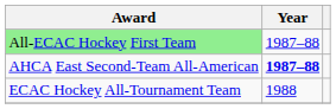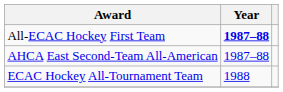 <table class="wikitable">
 <tr>
 <th>Award</th>
 <th>Year</th>
 <th></th>
 </tr>
 <tr>
-<td style="background: lightgreen;">All-<a href='#'>ECAC Hockey</a> <a href='#'>First Team</a></td>
-<td><a href='#'>1987–88</a></td>
+<td>All-<a href='#'>ECAC Hockey</a> <a href='#'>First Team</a></td>
+<td><strong><a href='#'>1987–88</a></strong></td>
 <td></td>
 </tr>
 <tr>
 <td><a href='#'>AHCA</a> <a href='#'>East Second-Team All-American</a></td>
-<td><strong><a href='#'>1987–88</a></strong></td>
+<td><a href='#'>1987–88</a></td>
 <td></td>
 </tr>
 <tr>
 <td><a href='#'>ECAC Hockey</a> <a href='#'>All-Tournament Team</a></td>
 <td><a href='#'>1988</a></td>
 <td></td>
 </tr>
 <tr>
 </tr>
 </table>
